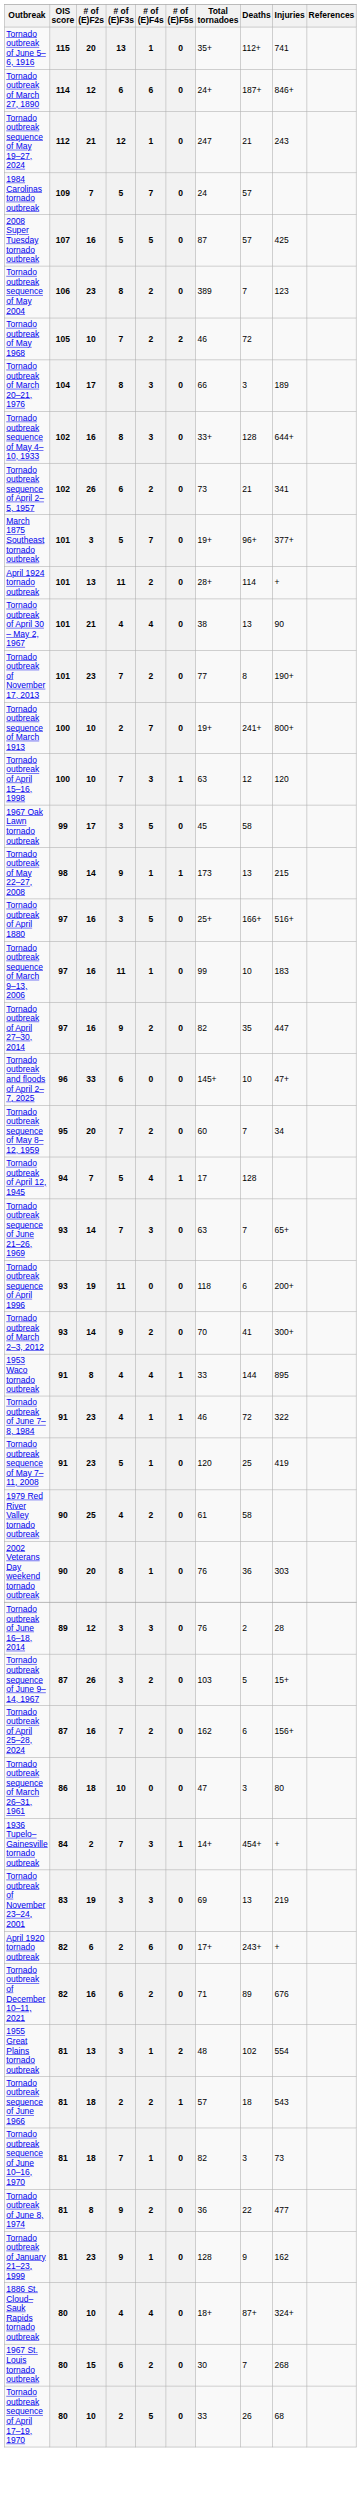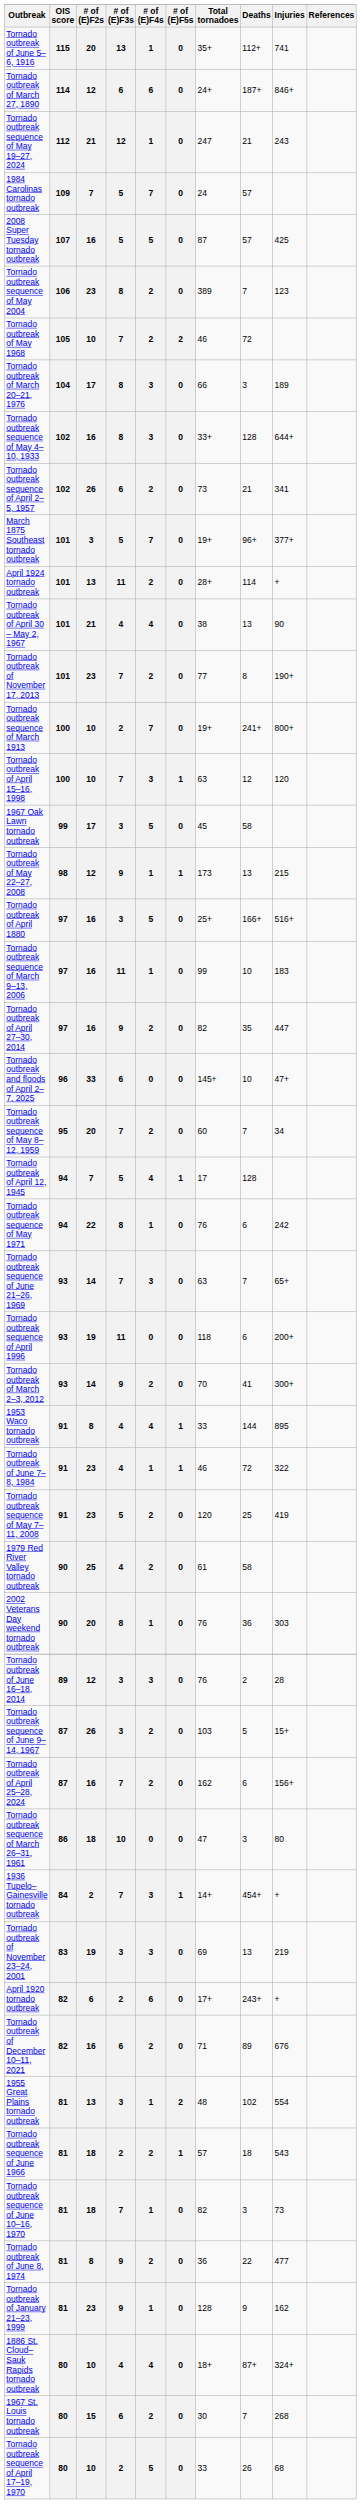 <table class="wikitable sortable">
 <tr>
 </tr>
 <tr>
 <th>Outbreak</th>
 <th>OIS score</th>
 <th># of (E)F2s</th>
 <th># of (E)F3s</th>
 <th># of (E)F4s</th>
 <th># of (E)F5s</th>
 <th>Total tornadoes</th>
 <th>Deaths</th>
 <th>Injuries</th>
 <th>References</th>
 </tr>
 <tr>
 <td data-sort-value="1916-06-05"><a href='#'>Tornado outbreak of June 5–6, 1916</a></td>
 <th scope="row">115</th>
 <th scope="row" style="background-color:#">20</th>
 <th scope="row" style="background-color:#">13</th>
 <th scope="row" style="background-color:#">1</th>
 <th scope="row" style="background-color:#">0</th>
 <td>35+</td>
 <td>112+</td>
 <td>741</td>
 <td></td>
 </tr>
 <tr>
 <td data-sort-value="1890-03-27"><a href='#'>Tornado outbreak of March 27, 1890</a></td>
 <th scope="row">114</th>
 <th scope="row" style="background-color:#">12</th>
 <th scope="row" style="background-color:#">6</th>
 <th scope="row" style="background-color:#">6</th>
 <th scope="row" style="background-color:#">0</th>
 <td>24+</td>
 <td>187+</td>
 <td>846+</td>
 <td></td>
 </tr>
 <tr>
 <td data-sort-value="2024-05-19"><a href='#'>Tornado outbreak sequence of May 19–27, 2024</a></td>
 <th scope="row">112</th>
 <th scope="row" style="background-color:#">21</th>
 <th scope="row" style="background-color:#">12</th>
 <th scope="row" style="background-color:#">1</th>
 <th scope="row" style="background-color:#">0</th>
 <td>247</td>
 <td>21</td>
 <td>243</td>
 <td></td>
 </tr>
 <tr>
 <td data-sort-value="1984-03-28"><a href='#'>1984 Carolinas tornado outbreak</a></td>
 <th scope="row">109</th>
 <th scope="row" style="background-color:#">7</th>
 <th scope="row" style="background-color:#">5</th>
 <th scope="row" style="background-color:#">7</th>
 <th scope="row" style="background-color:#">0</th>
 <td>24</td>
 <td>57</td>
 <td></td>
 <td></td>
 </tr>
 <tr>
 <td data-sort-value="2008-02-05"><a href='#'>2008 Super Tuesday tornado outbreak</a></td>
 <th scope="row">107</th>
 <th scope="row" style="background-color:#">16</th>
 <th scope="row" style="background-color:#">5</th>
 <th scope="row" style="background-color:#">5</th>
 <th scope="row" style="background-color:#">0</th>
 <td>87</td>
 <td>57</td>
 <td>425</td>
 <td></td>
 </tr>
 <tr>
 <td data-sort-value="2004-05-21"><a href='#'>Tornado outbreak sequence of May 2004</a></td>
 <th scope="row">106</th>
 <th scope="row" style="background-color:#">23</th>
 <th scope="row" style="background-color:#">8</th>
 <th scope="row" style="background-color:#">2</th>
 <th scope="row" style="background-color:#">0</th>
 <td>389</td>
 <td>7</td>
 <td>123</td>
 <td></td>
 </tr>
 <tr>
 <td data-sort-value="1968-05-15"><a href='#'>Tornado outbreak of May 1968</a></td>
 <th scope="row">105</th>
 <th scope="row" style="background-color:#">10</th>
 <th scope="row" style="background-color:#">7</th>
 <th scope="row" style="background-color:#">2</th>
 <th scope="row" style="background-color:#">2</th>
 <td>46</td>
 <td>72</td>
 <td></td>
 <td></td>
 </tr>
 <tr>
 <td data-sort-value="1976-03-20"><a href='#'>Tornado outbreak of March 20–21, 1976</a></td>
 <th scope="row">104</th>
 <th scope="row" style="background-color:#">17</th>
 <th scope="row" style="background-color:#">8</th>
 <th scope="row" style="background-color:#">3</th>
 <th scope="row" style="background-color:#">0</th>
 <td>66</td>
 <td>3</td>
 <td>189</td>
 <td></td>
 </tr>
 <tr>
 <td data-sort-value="1933-05-04"><a href='#'>Tornado outbreak sequence of May 4–10, 1933</a></td>
 <th scope="row">102</th>
 <th scope="row" style="background-color:#">16</th>
 <th scope="row" style="background-color:#">8</th>
 <th scope="row" style="background-color:#">3</th>
 <th scope="row" style="background-color:#">0</th>
 <td>33+</td>
 <td>128</td>
 <td>644+</td>
 <td></td>
 </tr>
 <tr>
 <td data-sort-value="1957-04-02"><a href='#'>Tornado outbreak sequence of April 2–5, 1957</a></td>
 <th scope="row">102</th>
 <th scope="row" style="background-color:#">26</th>
 <th scope="row" style="background-color:#">6</th>
 <th scope="row" style="background-color:#">2</th>
 <th scope="row" style="background-color:#">0</th>
 <td>73</td>
 <td>21</td>
 <td>341</td>
 <td></td>
 </tr>
 <tr>
 <td data-sort-value="1875-03-19"><a href='#'>March 1875 Southeast tornado outbreak</a></td>
 <th scope="row">101</th>
 <th scope="row" style="background-color:#">3</th>
 <th scope="row" style="background-color:#">5</th>
 <th scope="row" style="background-color:#">7</th>
 <th scope="row" style="background-color:#">0</th>
 <td>19+</td>
 <td>96+</td>
 <td>377+</td>
 <td></td>
 </tr>
 <tr>
 <td data-sort-value="1924-04-29"><a href='#'>April 1924 tornado outbreak</a></td>
 <th scope="row">101</th>
 <th scope="row" style="background-color:#">13</th>
 <th scope="row" style="background-color:#">11</th>
 <th scope="row" style="background-color:#">2</th>
 <th scope="row" style="background-color:#">0</th>
 <td>28+</td>
 <td>114</td>
 <td>+</td>
 <td></td>
 </tr>
 <tr>
 <td data-sort-value="1967-04-30"><a href='#'>Tornado outbreak of April 30 – May 2, 1967</a></td>
 <th scope="row">101</th>
 <th scope="row" style="background-color:#">21</th>
 <th scope="row" style="background-color:#">4</th>
 <th scope="row" style="background-color:#">4</th>
 <th scope="row" style="background-color:#">0</th>
 <td>38</td>
 <td>13</td>
 <td>90</td>
 <td></td>
 </tr>
 <tr>
 <td data-sort-value="2013-11-17"><a href='#'>Tornado outbreak of November 17, 2013</a></td>
 <th scope="row">101</th>
 <th scope="row" style="background-color:#">23</th>
 <th scope="row" style="background-color:#">7</th>
 <th scope="row" style="background-color:#">2</th>
 <th scope="row" style="background-color:#">0</th>
 <td>77</td>
 <td>8</td>
 <td>190+</td>
 <td></td>
 </tr>
 <tr>
 <td data-sort-value="1913-03-21"><a href='#'>Tornado outbreak sequence of March 1913</a></td>
 <th scope="row">100</th>
 <th scope="row" style="background-color:#">10</th>
 <th scope="row" style="background-color:#">2</th>
 <th scope="row" style="background-color:#">7</th>
 <th scope="row" style="background-color:#">0</th>
 <td>19+</td>
 <td>241+</td>
 <td>800+</td>
 <td></td>
 </tr>
 <tr>
 <td data-sort-value="1998-04-15"><a href='#'>Tornado outbreak of April 15–16, 1998</a></td>
 <th scope="row">100</th>
 <th scope="row" style="background-color:#">10</th>
 <th scope="row" style="background-color:#">7</th>
 <th scope="row" style="background-color:#">3</th>
 <th scope="row" style="background-color:#">1</th>
 <td>63</td>
 <td>12</td>
 <td>120</td>
 <td></td>
 </tr>
 <tr>
 <td data-sort-value="1967-04-21"><a href='#'>1967 Oak Lawn tornado outbreak</a></td>
 <th scope="row">99</th>
 <th scope="row" style="background-color:#">17</th>
 <th scope="row" style="background-color:#">3</th>
 <th scope="row" style="background-color:#">5</th>
 <th scope="row" style="background-color:#">0</th>
 <td>45</td>
 <td>58</td>
 <td></td>
 <td></td>
 </tr>
 <tr>
 <td data-sort-value="2008-05-22"><a href='#'>Tornado outbreak of May 22–27, 2008</a></td>
 <th scope="row">98</th>
-<th scope="row" style="background-color:#">14</th>
+<th scope="row" style="background-color:#">12</th>
 <th scope="row" style="background-color:#">9</th>
 <th scope="row" style="background-color:#">1</th>
 <th scope="row" style="background-color:#">1</th>
 <td>173</td>
 <td>13</td>
 <td>215</td>
 <td></td>
 </tr>
 <tr>
 <td data-sort-value="1880-04-18"><a href='#'>Tornado outbreak of April 1880</a></td>
 <th scope="row">97</th>
 <th scope="row" style="background-color:#">16</th>
 <th scope="row" style="background-color:#">3</th>
 <th scope="row" style="background-color:#">5</th>
 <th scope="row" style="background-color:#">0</th>
 <td>25+</td>
 <td>166+</td>
 <td>516+</td>
 <td></td>
 </tr>
 <tr>
 <td data-sort-value="2006-03-09"><a href='#'>Tornado outbreak sequence of March 9–13, 2006</a></td>
 <th scope="row">97</th>
 <th scope="row" style="background-color:#">16</th>
 <th scope="row" style="background-color:#">11</th>
 <th scope="row" style="background-color:#">1</th>
 <th scope="row" style="background-color:#">0</th>
 <td>99</td>
 <td>10</td>
 <td>183</td>
 <td></td>
 </tr>
 <tr>
 <td data-sort-value="2014-04-27"><a href='#'>Tornado outbreak of April 27–30, 2014</a></td>
 <th scope="row">97</th>
 <th scope="row" style="background-color:#">16</th>
 <th scope="row" style="background-color:#">9</th>
 <th scope="row" style="background-color:#">2</th>
 <th scope="row" style="background-color:#">0</th>
 <td>82</td>
 <td>35</td>
 <td>447</td>
 <td></td>
 </tr>
 <tr>
 <td data-sort-value="2025-04-02"><a href='#'>Tornado outbreak and floods of April 2–7, 2025</a></td>
 <th scope="row">96</th>
 <th scope="row" style="background-color:#">33</th>
 <th scope="row" style="background-color:#">6</th>
 <th scope="row" style="background-color:#">0</th>
 <th scope="row" style="background-color:#">0</th>
 <td>145+</td>
 <td>10</td>
 <td>47+</td>
 <td></td>
 </tr>
 <tr>
 <td data-sort-value="1959-05-08"><a href='#'>Tornado outbreak sequence of May 8–12, 1959</a></td>
 <th scope="row">95</th>
 <th scope="row" style="background-color:#">20</th>
 <th scope="row" style="background-color:#">7</th>
 <th scope="row" style="background-color:#">2</th>
 <th scope="row" style="background-color:#">0</th>
 <td>60</td>
 <td>7</td>
 <td>34</td>
 <td></td>
 </tr>
 <tr>
 <td data-sort-value="1945-04-12"><a href='#'>Tornado outbreak of April 12, 1945</a></td>
 <th scope="row">94</th>
 <th scope="row" style="background-color:#">7</th>
 <th scope="row" style="background-color:#">5</th>
 <th scope="row" style="background-color:#">4</th>
 <th scope="row" style="background-color:#">1</th>
 <td>17</td>
 <td>128</td>
 <td></td>
 <td></td>
 </tr>
 <tr>
+<td data-sort-value="1971-05-04"><a href='#'>Tornado outbreak sequence of May 1971</a></td>
+<th scope="row">94</th>
+<th scope="row" style="background-color:#">22</th>
+<th scope="row" style="background-color:#">8</th>
+<th scope="row" style="background-color:#">1</th>
+<th scope="row" style="background-color:#">0</th>
+<td>76</td>
+<td>6</td>
+<td>242</td>
+<td></td>
+</tr>
+<tr>
 <td data-sort-value="1969-06-21"><a href='#'>Tornado outbreak sequence of June 21–26, 1969</a></td>
 <th scope="row">93</th>
 <th scope="row" style="background-color:#">14</th>
 <th scope="row" style="background-color:#">7</th>
 <th scope="row" style="background-color:#">3</th>
 <th scope="row" style="background-color:#">0</th>
 <td>63</td>
 <td>7</td>
 <td>65+</td>
 <td></td>
 </tr>
 <tr>
 <td data-sort-value="1996-04-19"><a href='#'>Tornado outbreak sequence of April 1996</a></td>
 <th scope="row">93</th>
 <th scope="row" style="background-color:#">19</th>
 <th scope="row" style="background-color:#">11</th>
 <th scope="row" style="background-color:#">0</th>
 <th scope="row" style="background-color:#">0</th>
 <td>118</td>
 <td>6</td>
 <td>200+</td>
 <td></td>
 </tr>
 <tr>
 <td data-sort-value="2012-03-02"><a href='#'>Tornado outbreak of March 2–3, 2012</a></td>
 <th scope="row">93</th>
 <th scope="row" style="background-color:#">14</th>
 <th scope="row" style="background-color:#">9</th>
 <th scope="row" style="background-color:#">2</th>
 <th scope="row" style="background-color:#">0</th>
 <td>70</td>
 <td>41</td>
 <td>300+</td>
 <td></td>
 </tr>
 <tr>
 <td data-sort-value="1953-05-09"><a href='#'>1953 Waco tornado outbreak</a></td>
 <th scope="row">91</th>
 <th scope="row" style="background-color:#">8</th>
 <th scope="row" style="background-color:#">4</th>
 <th scope="row" style="background-color:#">4</th>
 <th scope="row" style="background-color:#">1</th>
 <td>33</td>
 <td>144</td>
 <td>895</td>
 <td></td>
 </tr>
 <tr>
 <td data-sort-value="1984-06-07"><a href='#'>Tornado outbreak of June 7–8, 1984</a></td>
 <th scope="row">91</th>
 <th scope="row" style="background-color:#">23</th>
 <th scope="row" style="background-color:#">4</th>
 <th scope="row" style="background-color:#">1</th>
 <th scope="row" style="background-color:#">1</th>
 <td>46</td>
 <td>72</td>
 <td>322</td>
 <td></td>
 </tr>
 <tr>
 <td data-sort-value="2008-05-07"><a href='#'>Tornado outbreak sequence of May 7–11, 2008</a></td>
 <th scope="row">91</th>
 <th scope="row" style="background-color:#">23</th>
 <th scope="row" style="background-color:#">5</th>
-<th scope="row" style="background-color:#">1</th>
+<th scope="row" style="background-color:#">2</th>
 <th scope="row" style="background-color:#">0</th>
 <td>120</td>
 <td>25</td>
 <td>419</td>
 <td></td>
 </tr>
 <tr>
 <td data-sort-value="1979-04-10"><a href='#'>1979 Red River Valley tornado outbreak</a></td>
 <th scope="row">90</th>
 <th scope="row" style="background-color:#">25</th>
 <th scope="row" style="background-color:#">4</th>
 <th scope="row" style="background-color:#">2</th>
 <th scope="row" style="background-color:#">0</th>
 <td>61</td>
 <td>58</td>
 <td></td>
 <td></td>
 </tr>
 <tr>
 <td data-sort-value="2002-11-09"><a href='#'>2002 Veterans Day weekend tornado outbreak</a></td>
 <th scope="row">90</th>
 <th scope="row" style="background-color:#">20</th>
 <th scope="row" style="background-color:#">8</th>
 <th scope="row" style="background-color:#">1</th>
 <th scope="row" style="background-color:#">0</th>
 <td>76</td>
 <td>36</td>
 <td>303</td>
 <td></td>
 </tr>
 <tr>
 </tr>
 <tr>
 <td data-sort-value="2014-06-16"><a href='#'>Tornado outbreak of June 16–18, 2014</a></td>
 <th scope="row">89</th>
 <th scope="row" style="background-color:#">12</th>
 <th scope="row" style="background-color:#">3</th>
 <th scope="row" style="background-color:#">3</th>
 <th scope="row" style="background-color:#">0</th>
 <td>76</td>
 <td>2</td>
 <td>28</td>
 <td></td>
 </tr>
 <tr>
 <td data-sort-value="1967-06-09"><a href='#'>Tornado outbreak sequence of June 9–14, 1967</a></td>
 <th scope="row">87</th>
 <th scope="row" style="background-color:#">26</th>
 <th scope="row" style="background-color:#">3</th>
 <th scope="row" style="background-color:#">2</th>
 <th scope="row" style="background-color:#">0</th>
 <td>103</td>
 <td>5</td>
 <td>15+</td>
 <td></td>
 </tr>
 <tr>
 <td data-sort-value="2024-04-25"><a href='#'>Tornado outbreak of April 25–28, 2024</a></td>
 <th scope="row">87</th>
 <th scope="row" style="background-color:#">16</th>
 <th scope="row" style="background-color:#">7</th>
 <th scope="row" style="background-color:#">2</th>
 <th scope="row" style="background-color:#">0</th>
 <td>162</td>
 <td>6</td>
 <td>156+</td>
 <td></td>
 </tr>
 <tr>
 <td data-sort-value="1961-03-26"><a href='#'>Tornado outbreak sequence of March 26–31, 1961</a></td>
 <th scope="row">86</th>
 <th scope="row" style="background-color:#">18</th>
 <th scope="row" style="background-color:#">10</th>
 <th scope="row" style="background-color:#">0</th>
 <th scope="row" style="background-color:#">0</th>
 <td>47</td>
 <td>3</td>
 <td>80</td>
 <td></td>
 </tr>
 <tr>
 <td data-sort-value="1936-04-05"><a href='#'>1936 Tupelo–Gainesville tornado outbreak</a></td>
 <th scope="row">84</th>
 <th scope="row" style="background-color:#">2</th>
 <th scope="row" style="background-color:#">7</th>
 <th scope="row" style="background-color:#">3</th>
 <th scope="row" style="background-color:#">1</th>
 <td>14+</td>
 <td>454+</td>
 <td>+</td>
 <td></td>
 </tr>
 <tr>
 <td data-sort-value="2001-11-23"><a href='#'>Tornado outbreak of November 23–24, 2001</a></td>
 <th scope="row">83</th>
 <th scope="row" style="background-color:#">19</th>
 <th scope="row" style="background-color:#">3</th>
 <th scope="row" style="background-color:#">3</th>
 <th scope="row" style="background-color:#">0</th>
 <td>69</td>
 <td>13</td>
 <td>219</td>
 <td></td>
 </tr>
 <tr>
 <td data-sort-value="1920-04-19"><a href='#'>April 1920 tornado outbreak</a></td>
 <th scope="row">82</th>
 <th scope="row" style="background-color:#">6</th>
 <th scope="row" style="background-color:#">2</th>
 <th scope="row" style="background-color:#">6</th>
 <th scope="row" style="background-color:#">0</th>
 <td>17+</td>
 <td>243+</td>
 <td>+</td>
 <td></td>
 </tr>
 <tr>
 <td data-sort-value="2021-12-10"><a href='#'>Tornado outbreak of December 10–11, 2021</a></td>
 <th scope="row">82</th>
 <th scope="row" style="background-color:#">16</th>
 <th scope="row" style="background-color:#">6</th>
 <th scope="row" style="background-color:#">2</th>
 <th scope="row" style="background-color:#">0</th>
 <td>71</td>
 <td>89</td>
 <td>676</td>
 <td></td>
 </tr>
 <tr>
 <td data-sort-value="1955-05-25"><a href='#'>1955 Great Plains tornado outbreak</a></td>
 <th scope="row">81</th>
 <th scope="row" style="background-color:#">13</th>
 <th scope="row" style="background-color:#">3</th>
 <th scope="row" style="background-color:#">1</th>
 <th scope="row" style="background-color:#">2</th>
 <td>48</td>
 <td>102</td>
 <td>554</td>
 <td></td>
 </tr>
 <tr>
 <td data-sort-value="1966-06-03"><a href='#'>Tornado outbreak sequence of June 1966</a></td>
 <th scope="row">81</th>
 <th scope="row" style="background-color:#">18</th>
 <th scope="row" style="background-color:#">2</th>
 <th scope="row" style="background-color:#">2</th>
 <th scope="row" style="background-color:#">1</th>
 <td>57</td>
 <td>18</td>
 <td>543</td>
 <td></td>
 </tr>
 <tr>
 <td data-sort-value="1970-06-10"><a href='#'>Tornado outbreak sequence of June 10–16, 1970</a></td>
 <th scope="row">81</th>
 <th scope="row" style="background-color:#">18</th>
 <th scope="row" style="background-color:#">7</th>
 <th scope="row" style="background-color:#">1</th>
 <th scope="row" style="background-color:#">0</th>
 <td>82</td>
 <td>3</td>
 <td>73</td>
 <td></td>
 </tr>
 <tr>
 <td data-sort-value="1974-06-08"><a href='#'>Tornado outbreak of June 8, 1974</a></td>
 <th scope="row">81</th>
 <th scope="row" style="background-color:#">8</th>
 <th scope="row" style="background-color:#">9</th>
 <th scope="row" style="background-color:#">2</th>
 <th scope="row" style="background-color:#">0</th>
 <td>36</td>
 <td>22</td>
 <td>477</td>
 <td></td>
 </tr>
 <tr>
 <td data-sort-value="1999-01-21"><a href='#'>Tornado outbreak of January 21–23, 1999</a></td>
 <th scope="row">81</th>
 <th scope="row" style="background-color:#">23</th>
 <th scope="row" style="background-color:#">9</th>
 <th scope="row" style="background-color:#">1</th>
 <th scope="row" style="background-color:#">0</th>
 <td>128</td>
 <td>9</td>
 <td>162</td>
 <td></td>
 </tr>
 <tr>
 <td data-sort-value="1886-04-14"><a href='#'>1886 St. Cloud–Sauk Rapids tornado outbreak</a></td>
 <th scope="row">80</th>
 <th scope="row" style="background-color:#">10</th>
 <th scope="row" style="background-color:#">4</th>
 <th scope="row" style="background-color:#">4</th>
 <th scope="row" style="background-color:#">0</th>
 <td>18+</td>
 <td>87+</td>
 <td>324+</td>
 <td></td>
 </tr>
 <tr>
 <td data-sort-value="1967-01-24"><a href='#'>1967 St. Louis tornado outbreak</a></td>
 <th scope="row">80</th>
 <th scope="row" style="background-color:#">15</th>
 <th scope="row" style="background-color:#">6</th>
 <th scope="row" style="background-color:#">2</th>
 <th scope="row" style="background-color:#">0</th>
 <td>30</td>
 <td>7</td>
 <td>268</td>
 <td></td>
 </tr>
 <tr>
 <td data-sort-value="1970-04-17"><a href='#'>Tornado outbreak sequence of April 17–19, 1970</a></td>
 <th scope="row">80</th>
 <th scope="row" style="background-color:#">10</th>
 <th scope="row" style="background-color:#">2</th>
 <th scope="row" style="background-color:#">5</th>
 <th scope="row" style="background-color:#">0</th>
 <td>33</td>
 <td>26</td>
 <td>68</td>
 <td></td>
 </tr>
 </table>
